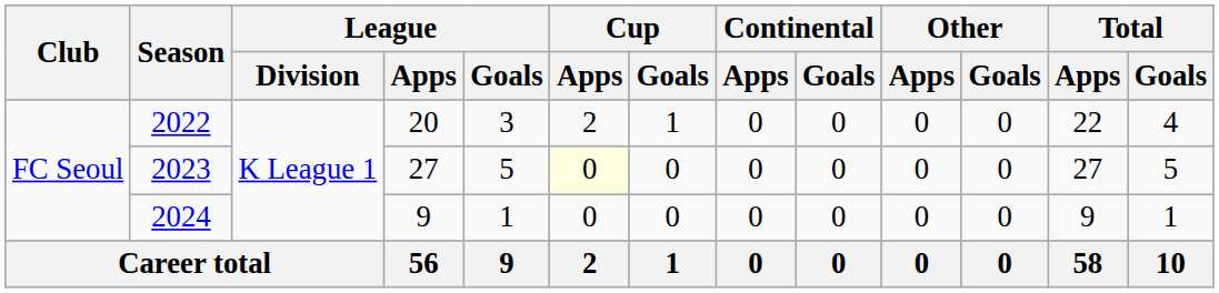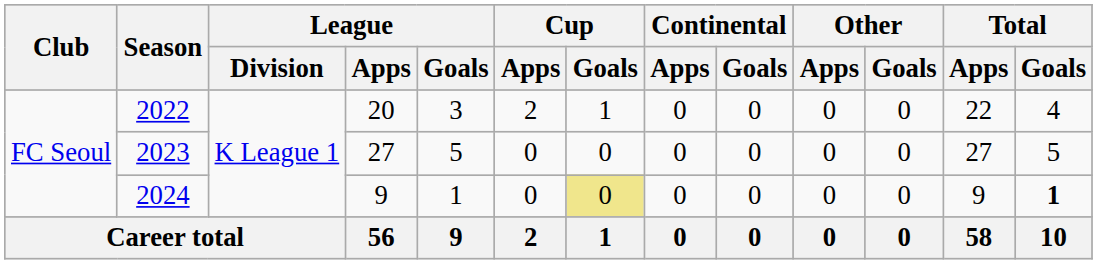 <table class="wikitable" style="text-align: center">
 <tr>
 <th rowspan="2">Club</th>
 <th rowspan="2">Season</th>
 <th colspan="3">League</th>
 <th colspan="2">Cup</th>
 <th colspan="2">Continental</th>
 <th colspan="2">Other</th>
 <th colspan="2">Total</th>
 </tr>
 <tr>
 <th>Division</th>
 <th>Apps</th>
 <th>Goals</th>
 <th>Apps</th>
 <th>Goals</th>
 <th>Apps</th>
 <th>Goals</th>
 <th>Apps</th>
 <th>Goals</th>
 <th>Apps</th>
 <th>Goals</th>
 </tr>
 <tr>
 <td rowspan="3"><a href='#'>FC Seoul</a></td>
 <td><a href='#'>2022</a></td>
 <td rowspan="3"><a href='#'>K League 1</a></td>
 <td>20</td>
 <td>3</td>
 <td>2</td>
 <td>1</td>
 <td>0</td>
 <td>0</td>
 <td>0</td>
 <td>0</td>
 <td>22</td>
 <td>4</td>
 </tr>
 <tr>
 <td><a href='#'>2023</a></td>
 <td>27</td>
 <td>5</td>
-<td style="background: lightyellow;">0</td>
+<td>0</td>
 <td>0</td>
 <td>0</td>
 <td>0</td>
 <td>0</td>
 <td>0</td>
 <td>27</td>
 <td>5</td>
 </tr>
 <tr>
 <td><a href='#'>2024</a></td>
 <td>9</td>
 <td>1</td>
 <td>0</td>
-<td>0</td>
+<td style="background: khaki;">0</td>
 <td>0</td>
 <td>0</td>
 <td>0</td>
 <td>0</td>
 <td>9</td>
-<td>1</td>
+<td><strong>1</strong></td>
 </tr>
 <tr>
 <th colspan="3">Career total</th>
 <th>56</th>
 <th>9</th>
 <th>2</th>
 <th>1</th>
 <th>0</th>
 <th>0</th>
 <th>0</th>
 <th>0</th>
 <th>58</th>
 <th>10</th>
 </tr>
 </table>
